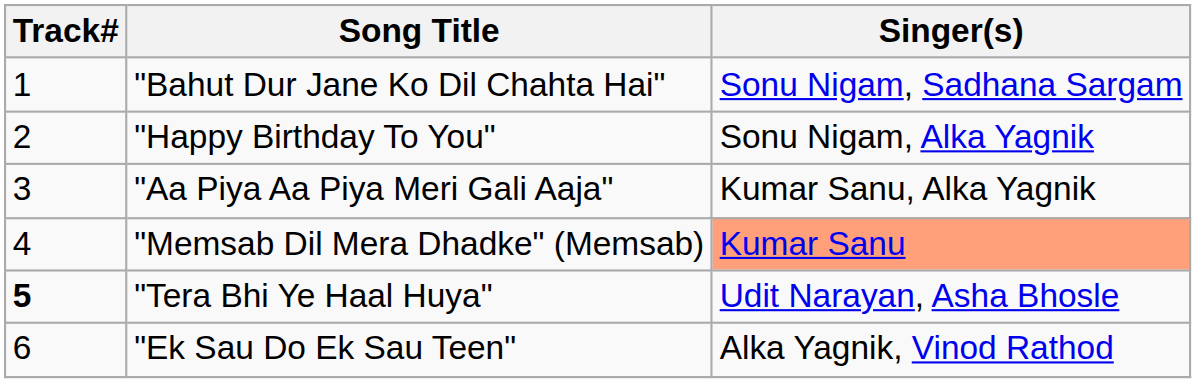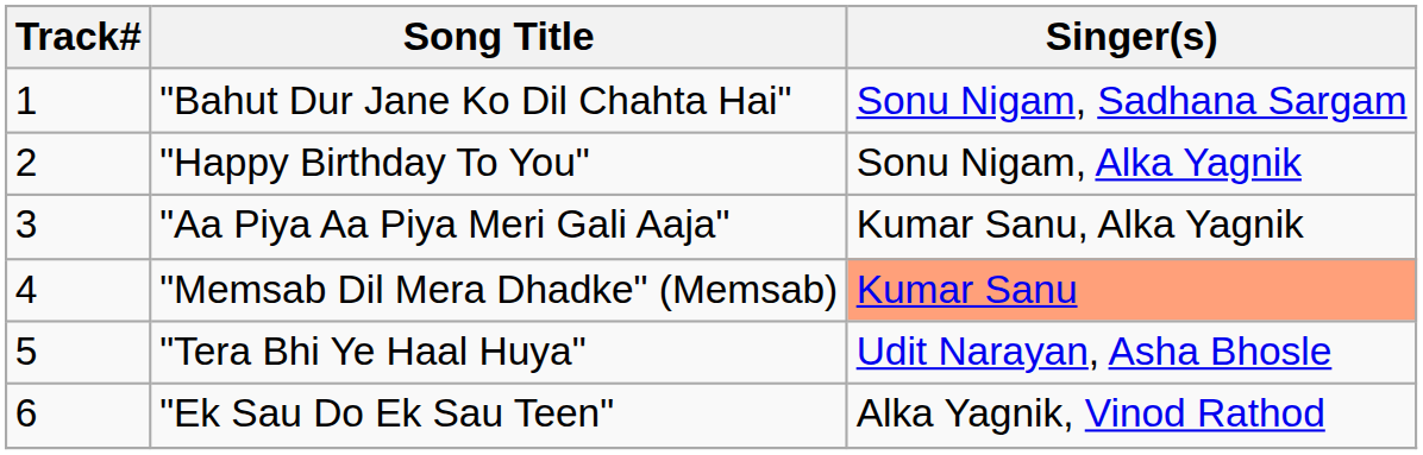 <table class="wikitable">
 <tr>
 <th>Track#</th>
 <th>Song Title</th>
 <th>Singer(s)</th>
 </tr>
 <tr>
 <td>1</td>
 <td>"Bahut Dur Jane Ko Dil Chahta Hai"</td>
 <td><a href='#'>Sonu Nigam</a>, <a href='#'>Sadhana Sargam</a></td>
 </tr>
 <tr>
 <td>2</td>
 <td>"Happy Birthday To You"</td>
 <td>Sonu Nigam, <a href='#'>Alka Yagnik</a></td>
 </tr>
 <tr>
 <td>3</td>
 <td>"Aa Piya Aa Piya Meri Gali Aaja"</td>
 <td>Kumar Sanu, Alka Yagnik</td>
 </tr>
 <tr>
 <td>4</td>
 <td>"Memsab Dil Mera Dhadke" (Memsab)</td>
 <td style="background: lightsalmon;"><a href='#'>Kumar Sanu</a></td>
 </tr>
 <tr>
-<td><strong>5</strong></td>
+<td>5</td>
 <td>"Tera Bhi Ye Haal Huya"</td>
 <td><a href='#'>Udit Narayan</a>, <a href='#'>Asha Bhosle</a></td>
 </tr>
 <tr>
 <td>6</td>
 <td>"Ek Sau Do Ek Sau Teen"</td>
 <td>Alka Yagnik, <a href='#'>Vinod Rathod</a></td>
 </tr>
 <tr>
 </tr>
 </table>
